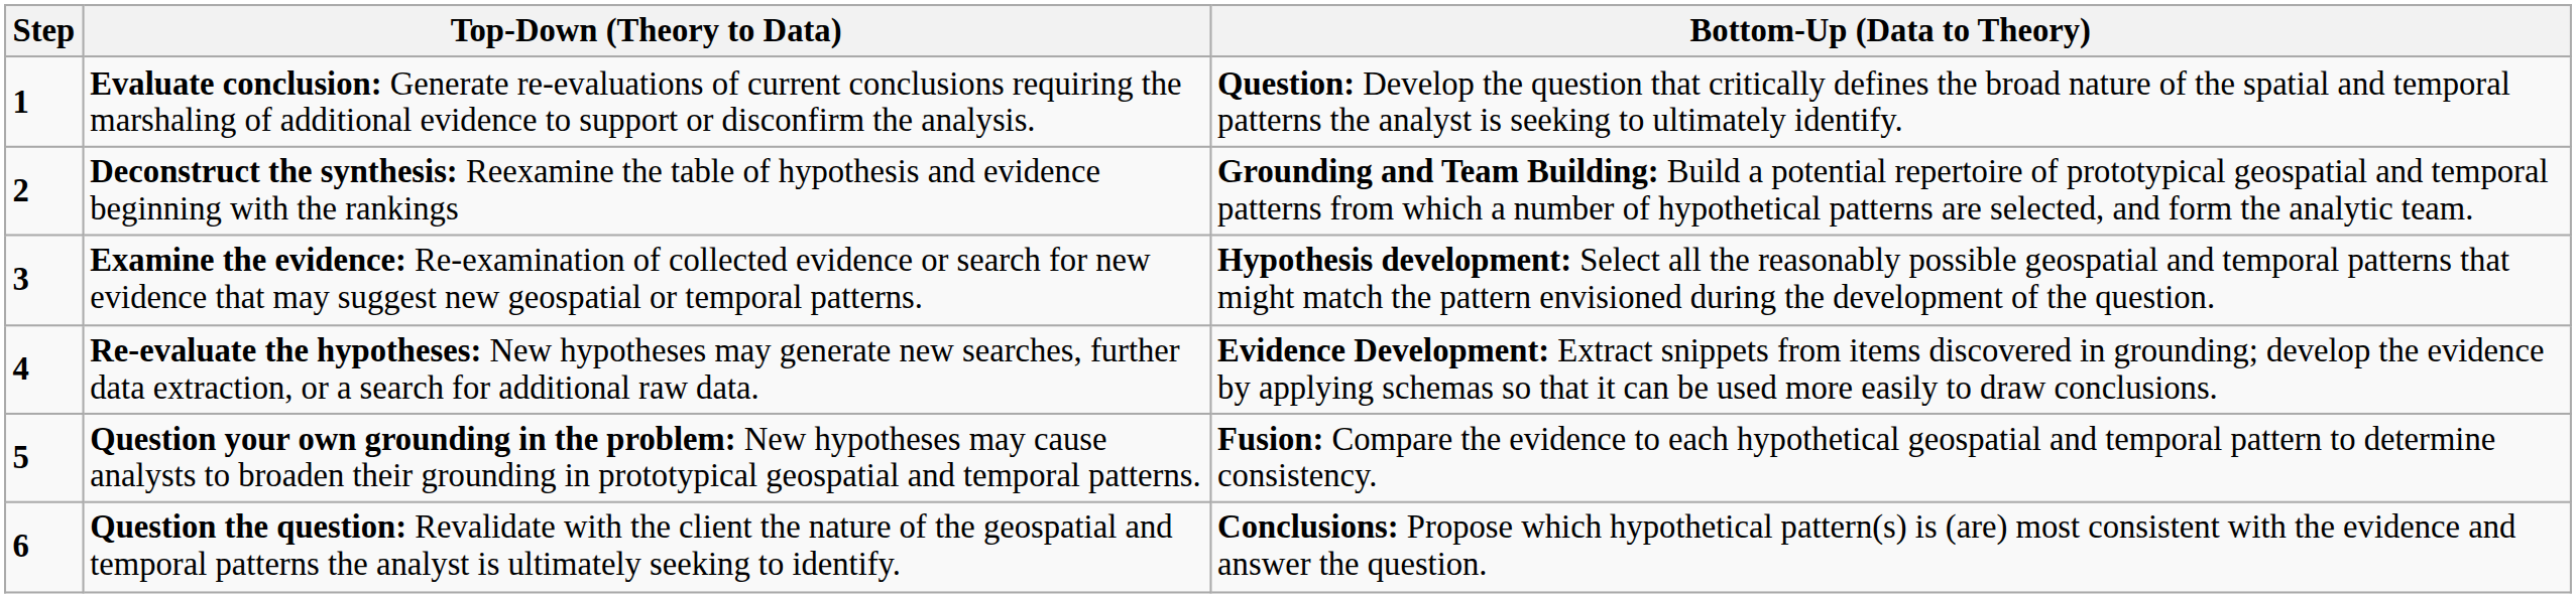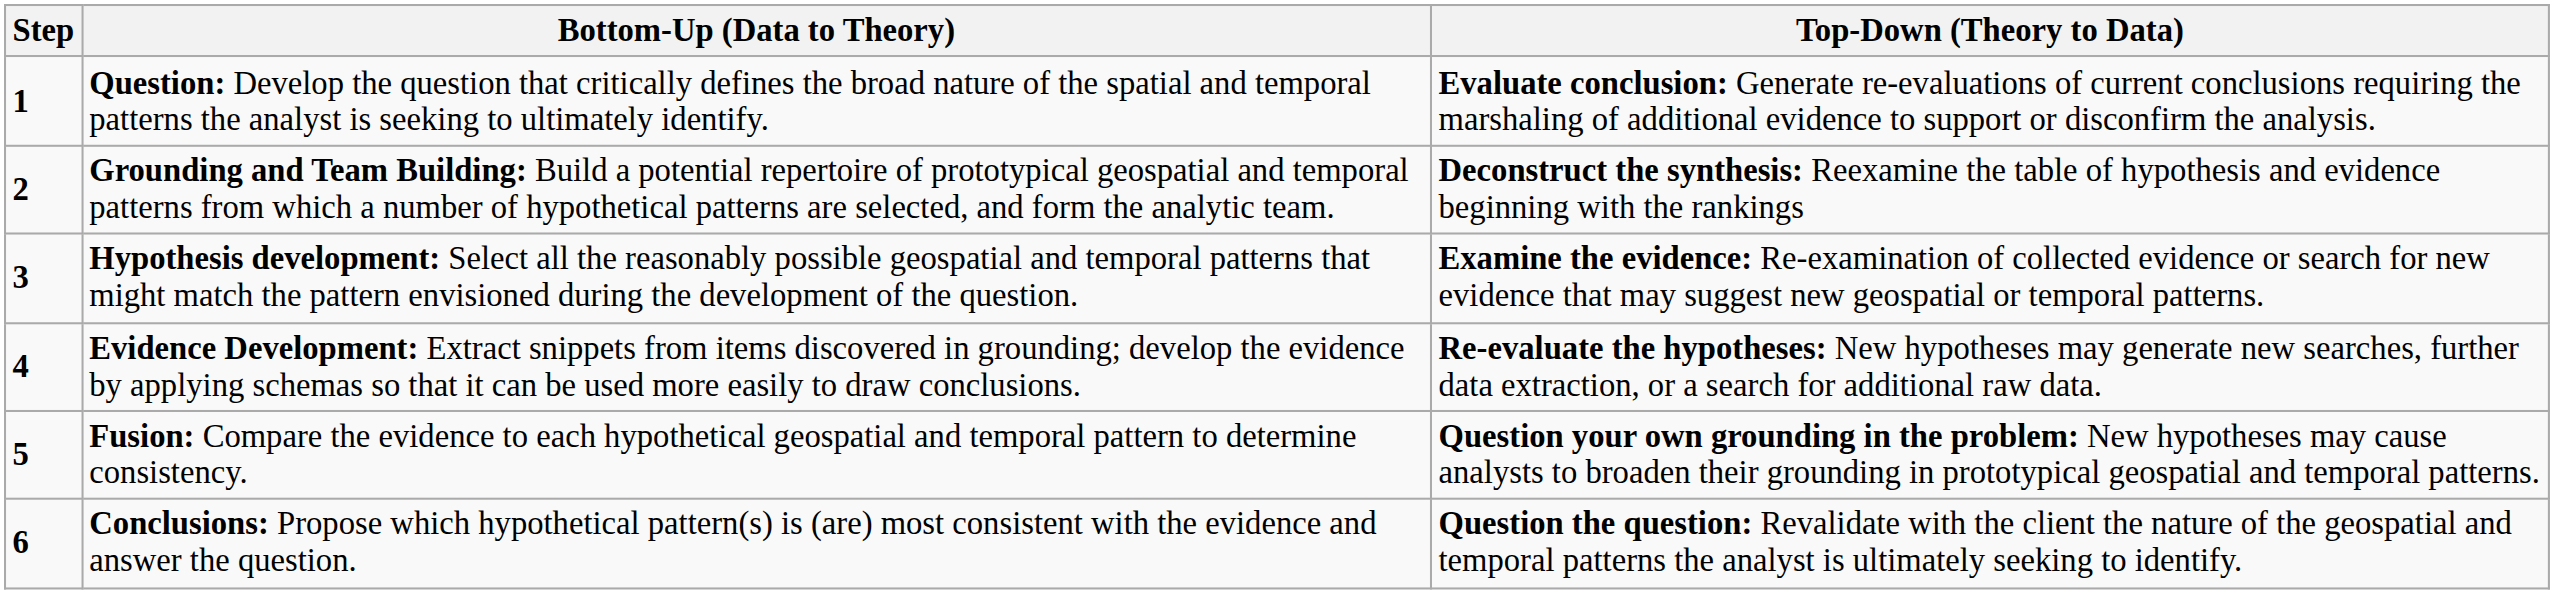 <table class="wikitable">
 <tr>
 <th>Step</th>
+<th>Bottom-Up (Data to Theory)</th>
 <th>Top-Down (Theory to Data)</th>
-<th>Bottom-Up (Data to Theory)</th>
 </tr>
 <tr>
 <td><strong>1</strong></td>
+<td><strong>Question:</strong> Develop the question that critically defines the broad nature of the spatial and temporal patterns the analyst is seeking to ultimately identify.</td>
 <td><strong>Evaluate conclusion:</strong> Generate re-evaluations of current conclusions requiring the marshaling of additional evidence to support or disconfirm the analysis.</td>
-<td><strong>Question:</strong> Develop the question that critically defines the broad nature of the spatial and temporal patterns the analyst is seeking to ultimately identify.</td>
 </tr>
 <tr>
 <td><strong>2</strong></td>
+<td><strong>Grounding and Team Building:</strong> Build a potential repertoire of prototypical geospatial and temporal patterns from which a number of hypothetical patterns are selected, and form the analytic team.</td>
 <td><strong>Deconstruct the synthesis:</strong> Reexamine the table of hypothesis and evidence beginning with the rankings</td>
-<td><strong>Grounding and Team Building:</strong> Build a potential repertoire of prototypical geospatial and temporal patterns from which a number of hypothetical patterns are selected, and form the analytic team.</td>
 </tr>
 <tr>
 <td><strong>3</strong></td>
+<td><strong>Hypothesis development:</strong> Select all the reasonably possible geospatial and temporal patterns that might match the pattern envisioned during the development of the question.</td>
 <td><strong>Examine the evidence:</strong> Re-examination of collected evidence or search for new evidence that may suggest new geospatial or temporal patterns.</td>
-<td><strong>Hypothesis development:</strong> Select all the reasonably possible geospatial and temporal patterns that might match the pattern envisioned during the development of the question.</td>
 </tr>
 <tr>
 <td><strong>4</strong></td>
+<td><strong>Evidence Development:</strong> Extract snippets from items discovered in grounding; develop the evidence by applying schemas so that it can be used more easily to draw conclusions.</td>
 <td><strong>Re-evaluate the hypotheses:</strong> New hypotheses may generate new searches, further data extraction, or a search for additional raw data.</td>
-<td><strong>Evidence Development:</strong> Extract snippets from items discovered in grounding; develop the evidence by applying schemas so that it can be used more easily to draw conclusions.</td>
 </tr>
 <tr>
 <td><strong>5</strong></td>
+<td><strong>Fusion:</strong> Compare the evidence to each hypothetical geospatial and temporal pattern to determine consistency.</td>
 <td><strong>Question your own grounding in the problem:</strong> New hypotheses may cause analysts to broaden their grounding in prototypical geospatial and temporal patterns.</td>
-<td><strong>Fusion:</strong> Compare the evidence to each hypothetical geospatial and temporal pattern to determine consistency.</td>
 </tr>
 <tr>
 <td><strong>6</strong></td>
+<td><strong>Conclusions:</strong> Propose which hypothetical pattern(s) is (are) most consistent with the evidence and answer the question.</td>
 <td><strong>Question the question:</strong> Revalidate with the client the nature of the geospatial and temporal patterns the analyst is ultimately seeking to identify.</td>
-<td><strong>Conclusions:</strong> Propose which hypothetical pattern(s) is (are) most consistent with the evidence and answer the question.</td>
 </tr>
 </table>
